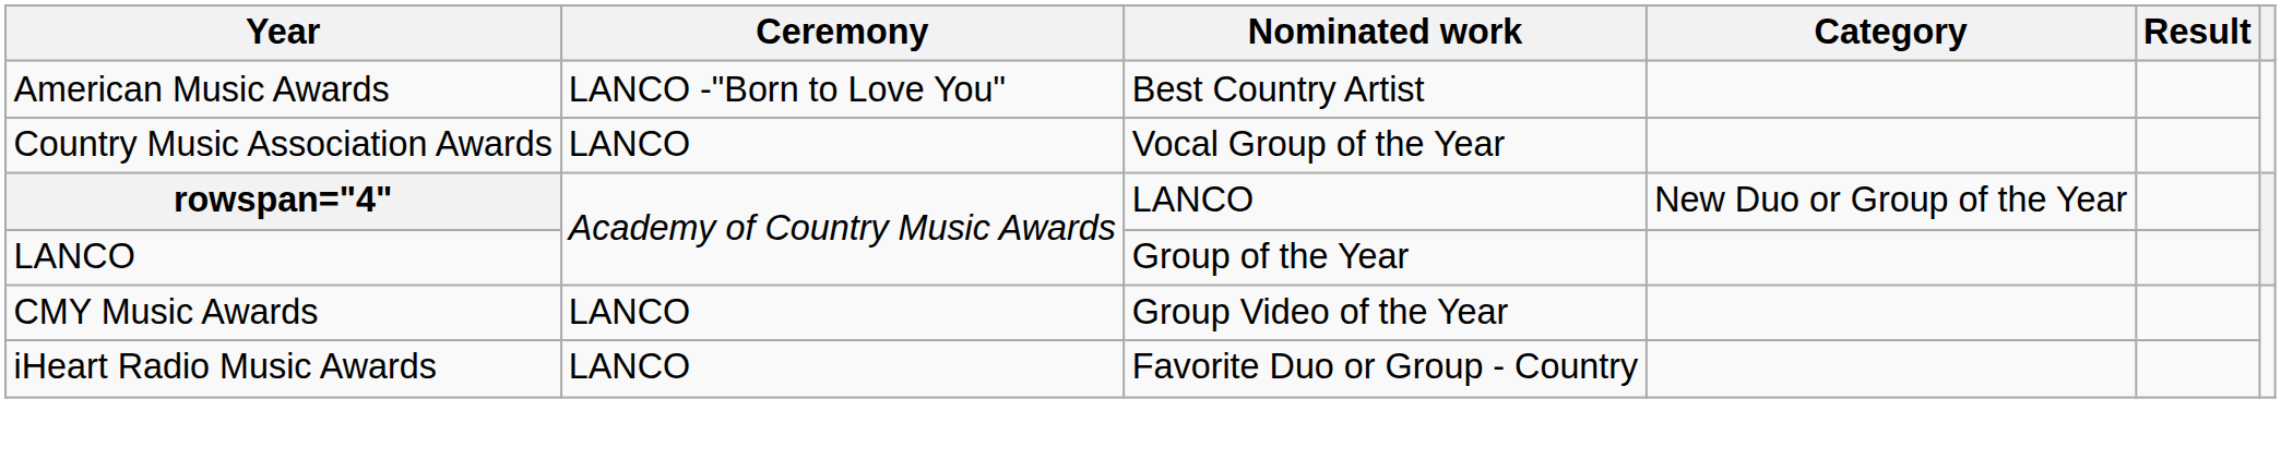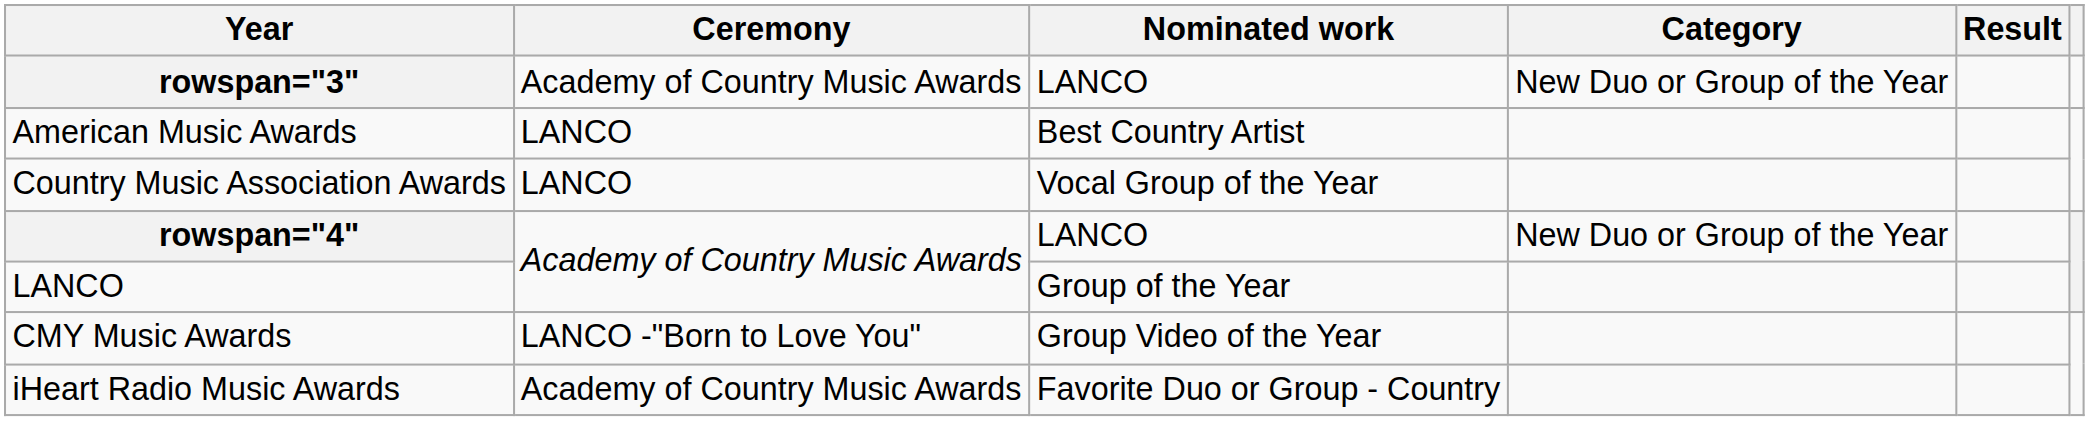 <table class="wikitable sortable plainrowheaders"|->
 <tr>
 <th scope="col">Year</th>
 <th scope="col">Ceremony</th>
 <th scope="col">Nominated work</th>
 <th scope="col">Category</th>
 <th scope="col">Result</th>
 <th scope="col" class="unsortable"></th>
 </tr>
 <tr>
+<th>rowspan="3" </th>
+<td>Academy of Country Music Awards</td>
+<td>LANCO</td>
+<td>New Duo or Group of the Year</td>
+<td></td>
+<td></td>
+</tr>
+<tr>
 <td>American Music Awards</td>
-<td>LANCO -"Born to Love You"</td>
+<td>LANCO</td>
 <td>Best Country Artist</td>
 <td></td>
 <td></td>
 </tr>
 <tr>
 <td>Country Music Association Awards</td>
 <td>LANCO</td>
 <td>Vocal Group of the Year</td>
 <td></td>
 <td></td>
 </tr>
 <tr>
 <th>rowspan="4" </th>
 <td rowspan="2"><em>Academy of Country Music Awards</em></td>
 <td>LANCO</td>
 <td>New Duo or Group of the Year</td>
 <td></td>
 <th rowspan="2"></th>
 </tr>
 <tr>
 <td>LANCO</td>
 <td>Group of the Year</td>
 <td></td>
 </tr>
 <tr>
 <td>CMY Music Awards</td>
-<td>LANCO</td>
+<td>LANCO -"Born to Love You"</td>
 <td>Group Video of the Year</td>
 <td></td>
 <td></td>
 </tr>
 <tr>
 <td>iHeart Radio Music Awards</td>
-<td>LANCO</td>
+<td>Academy of Country Music Awards</td>
 <td>Favorite Duo or Group - Country</td>
 <td></td>
 <td></td>
 </tr>
 </table>
